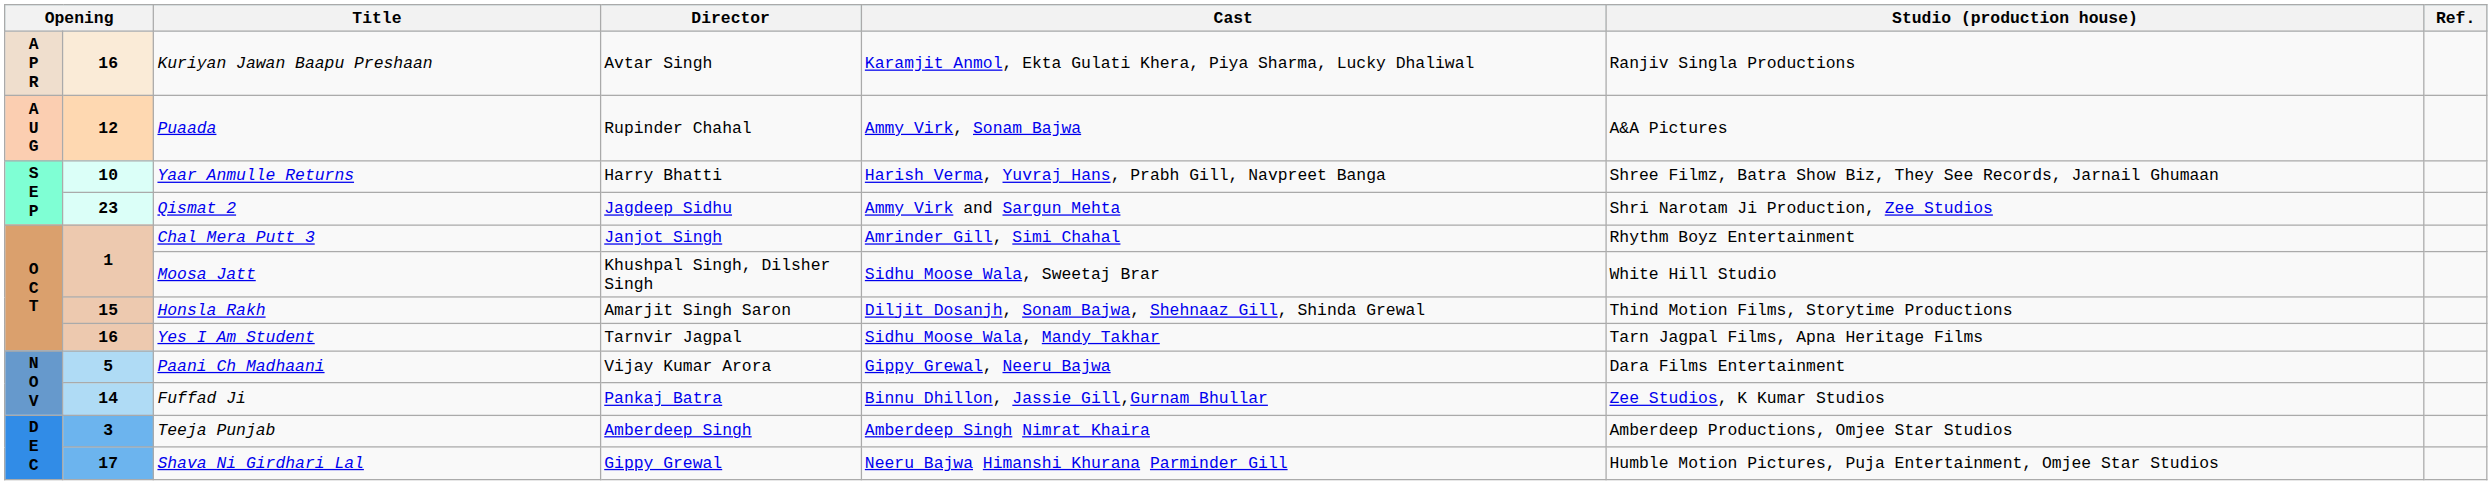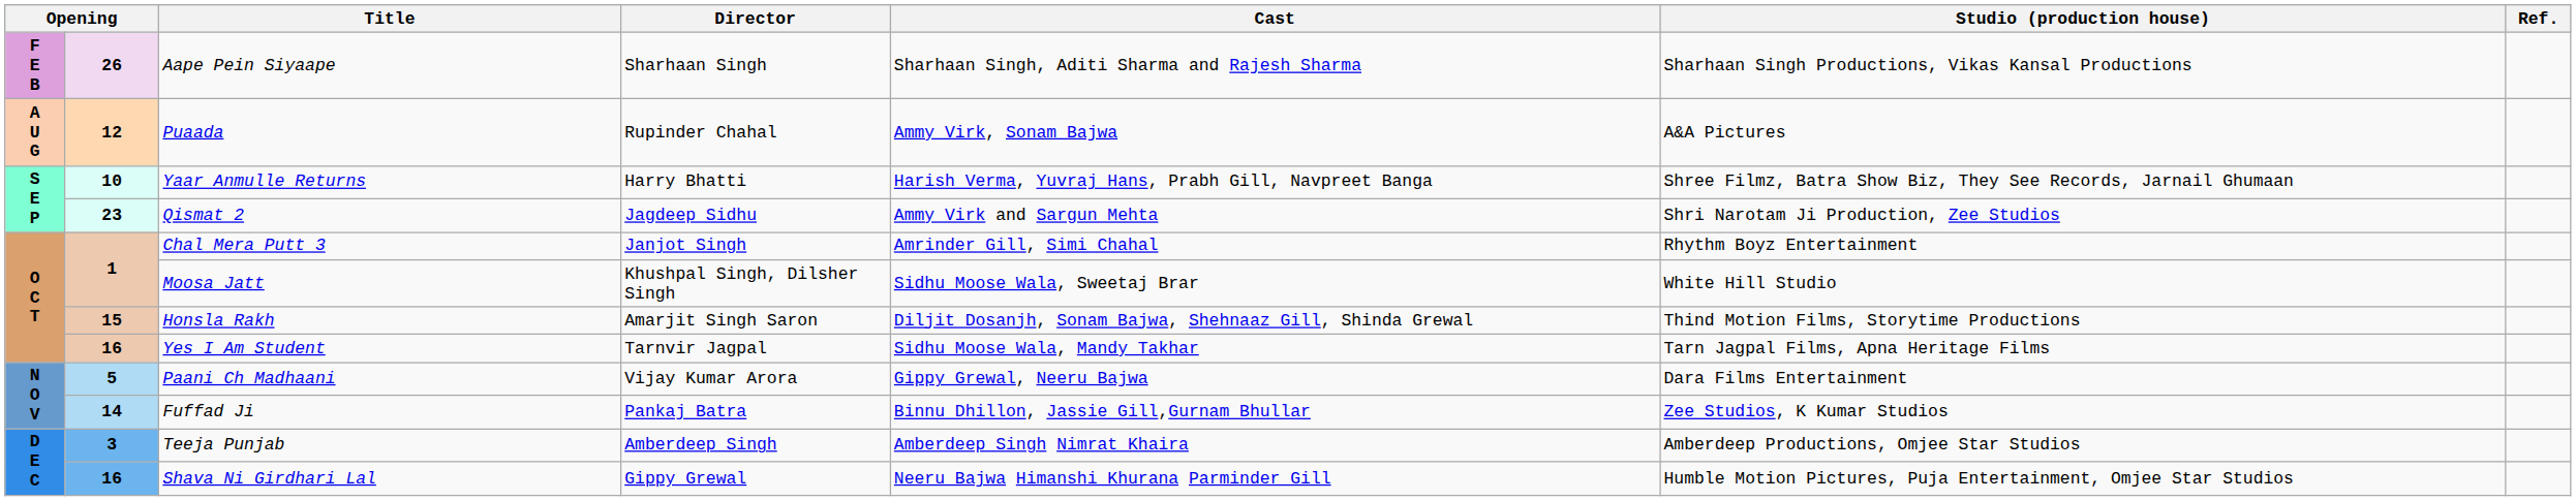 <table class="wikitable">
 <tr style="background:#b0e0e6; text-align:center;">
 <th colspan="2" style="width:6%;"><strong>Opening</strong></th>
 <th style="width:18%;"><strong>Title</strong></th>
 <th style="width:10.5%;"><strong>Director</strong></th>
 <th style="width:30%;"><strong>Cast</strong></th>
 <th>Studio (production house)</th>
 <th>Ref.</th>
 </tr>
-<tr April!>
-<td rowspan="1" style="text-align:center; background:#EFDECD; textcolor:#000;"><strong>A<br>P<br>R</strong></td>
-<td rowspan="1" style="text-align:center;background:#FAEBD7;"><strong>16</strong></td>
-<td><em>Kuriyan Jawan Baapu Preshaan</em></td>
-<td>Avtar Singh</td>
-<td><a href='#'>Karamjit Anmol</a>, Ekta Gulati Khera, Piya Sharma, Lucky Dhaliwal</td>
-<td>Ranjiv Singla Productions</td>
+<tr February>
+<td rowspan="1" style="text-align:center; background:plum; textcolor:#000;"><strong>F<br>E<br>B</strong></td>
+<td rowspan="1" style="text-align:center;background:#f1daf1;"><strong>26</strong></td>
+<td><em>Aape Pein Siyaape</em></td>
+<td>Sharhaan Singh</td>
+<td>Sharhaan Singh, Aditi Sharma and <a href='#'>Rajesh Sharma</a></td>
+<td>Sharhaan Singh Productions, Vikas Kansal Productions</td>
 <td></td>
 </tr>
 <tr August>
 <td style="text-align:center; background:#FBCEB1; textcolor:#000;"><strong>A<br>U<br>G</strong></td>
 <td rowspan="1" style="text-align:center;background:#FED8B1;"><strong>12</strong></td>
 <td><em><a href='#'>Puaada</a></em></td>
 <td>Rupinder Chahal</td>
 <td><a href='#'>Ammy Virk</a>, <a href='#'>Sonam Bajwa</a></td>
 <td>A&A Pictures</td>
 <td></td>
 </tr>
 <tr September>
 <td rowspan="2" style="text-align:center; background:#7FFFD4; textcolor:#000;"><strong>S<br>E<br>P</strong></td>
 <td rowspan="1" style="text-align:center;background:#dbfff8;"><strong>10</strong></td>
 <td><em><a href='#'>Yaar Anmulle Returns</a></em></td>
 <td>Harry Bhatti</td>
 <td><a href='#'>Harish Verma</a>, <a href='#'>Yuvraj Hans</a>, Prabh Gill, Navpreet Banga</td>
 <td>Shree Filmz, Batra Show Biz, They See Records, Jarnail Ghumaan</td>
 <td></td>
 </tr>
 <tr>
 <td rowspan="1" style="text-align:center;background:#dbfff8;"><strong>23</strong></td>
 <td><em><a href='#'>Qismat 2</a></em></td>
 <td><a href='#'>Jagdeep Sidhu</a></td>
 <td><a href='#'>Ammy Virk</a> and <a href='#'>Sargun Mehta</a></td>
 <td>Shri Narotam Ji Production, <a href='#'>Zee Studios</a></td>
 <td></td>
 </tr>
 <tr October>
 <td rowspan="4" style="text-align:center; background:#DAA06D; textcolor:#000;"><strong>O<br>C<br>T</strong></td>
 <td rowspan="2" style="text-align:center;background:#EDC9AF;"><strong>1</strong></td>
 <td><em><a href='#'>Chal Mera Putt 3</a></em></td>
 <td><a href='#'>Janjot Singh</a></td>
 <td><a href='#'>Amrinder Gill</a>, <a href='#'>Simi Chahal</a></td>
 <td>Rhythm Boyz Entertainment</td>
 <td></td>
 </tr>
 <tr>
 <td><em><a href='#'>Moosa Jatt</a></em></td>
 <td>Khushpal Singh, Dilsher Singh</td>
 <td><a href='#'>Sidhu Moose Wala</a>, Sweetaj Brar</td>
 <td>White Hill Studio</td>
 <td></td>
 </tr>
 <tr>
 <td rowspan="1" style="text-align:center;background:#EDC9AF;"><strong>15</strong></td>
 <td><em><a href='#'>Honsla Rakh</a></em></td>
 <td>Amarjit Singh Saron</td>
 <td><a href='#'>Diljit Dosanjh</a>, <a href='#'>Sonam Bajwa</a>, <a href='#'>Shehnaaz Gill</a>, Shinda Grewal</td>
 <td>Thind Motion Films, Storytime Productions</td>
 <td></td>
 </tr>
 <tr>
 <td rowspan="1" style="text-align:center;background:#EDC9AF;"><strong>16</strong></td>
 <td><em><a href='#'>Yes I Am Student</a></em></td>
 <td>Tarnvir Jagpal</td>
 <td><a href='#'>Sidhu Moose Wala</a>, <a href='#'>Mandy Takhar</a></td>
 <td>Tarn Jagpal Films, Apna Heritage Films</td>
 <td></td>
 </tr>
 <tr November>
 <th rowspan="2" style="text-align:center; background:#6699CC;"><strong>N</strong><br><strong>O</strong><br><strong>V</strong></th>
 <td style="text-align:center;background:#AFDBF5;"><strong>5</strong></td>
 <td><em><a href='#'>Paani Ch Madhaani</a></em></td>
 <td>Vijay Kumar Arora</td>
 <td><a href='#'>Gippy Grewal</a>, <a href='#'>Neeru Bajwa</a></td>
 <td>Dara Films Entertainment</td>
 <td></td>
 </tr>
 <tr>
 <td style="text-align:center;background:#AFDBF5;"><strong>14</strong></td>
 <td><em>Fuffad Ji</em></td>
 <td><a href='#'>Pankaj Batra</a></td>
 <td><a href='#'>Binnu Dhillon</a>, <a href='#'>Jassie Gill</a>,<a href='#'>Gurnam Bhullar</a></td>
 <td><a href='#'>Zee Studios</a>, K Kumar Studios</td>
 <td></td>
 </tr>
 <tr>
 <td rowspan="2" style="text-align:center; background:#318CE7; textcolor:#000;"><strong>D<br>E<br>C</strong></td>
 <td rowspan="1" style="text-align:center;background:#6CB4EE;"><strong>3</strong></td>
 <td><em>Teeja Punjab</em></td>
 <td><a href='#'>Amberdeep Singh</a></td>
 <td><a href='#'>Amberdeep Singh</a> <a href='#'>Nimrat Khaira</a></td>
 <td>Amberdeep Productions, Omjee Star Studios</td>
 <td></td>
 </tr>
 <tr>
-<td rowspan="1" style="text-align:center;background:#6CB4EE;"><strong>17</strong></td>
+<td rowspan="1" style="text-align:center;background:#6CB4EE;"><strong>16</strong></td>
 <td><em><a href='#'>Shava Ni Girdhari Lal</a></em></td>
 <td><a href='#'>Gippy Grewal</a></td>
 <td><a href='#'>Neeru Bajwa</a> <a href='#'>Himanshi Khurana</a> <a href='#'>Parminder Gill</a></td>
 <td>Humble Motion Pictures, Puja Entertainment, Omjee Star Studios</td>
 <td></td>
 </tr>
 </table>
